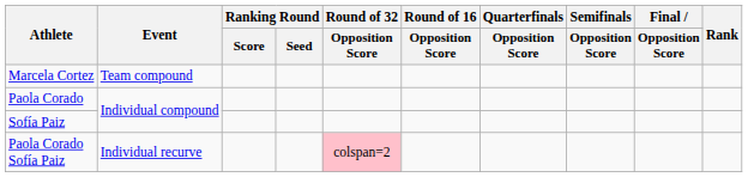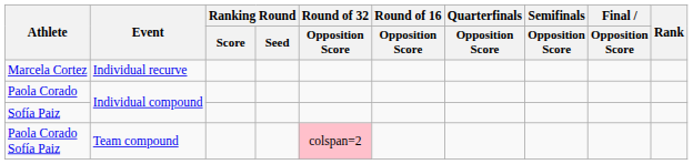 <table class="wikitable" style="font-size:90%">
 <tr>
 <th rowspan="2">Athlete</th>
 <th rowspan="2">Event</th>
 <th colspan="2">Ranking Round</th>
 <th>Round of 32</th>
 <th>Round of 16</th>
 <th>Quarterfinals</th>
 <th>Semifinals</th>
 <th>Final / </th>
 <th rowspan="2">Rank</th>
 </tr>
 <tr style="font-size:95%">
 <th>Score</th>
 <th>Seed</th>
 <th>Opposition<br>Score</th>
 <th>Opposition<br>Score</th>
 <th>Opposition<br>Score</th>
 <th>Opposition<br>Score</th>
 <th>Opposition<br>Score</th>
 </tr>
 <tr align=center>
 <td align=left><a href='#'>Marcela Cortez</a></td>
-<td align=left><a href='#'>Team compound</a></td>
+<td align=left><a href='#'>Individual recurve</a></td>
 <td></td>
 <td></td>
 <td></td>
 <td></td>
 <td></td>
 <td></td>
 <td></td>
 <td></td>
 </tr>
 <tr align=center>
 <td align=left><a href='#'>Paola Corado</a></td>
 <td align=left rowspan=2><a href='#'>Individual compound</a></td>
 <td></td>
 <td></td>
 <td></td>
 <td></td>
 <td></td>
 <td></td>
 <td></td>
 <td></td>
 </tr>
 <tr align=center>
 <td align=left><a href='#'>Sofía Paiz</a></td>
 <td></td>
 <td></td>
 <td></td>
 <td></td>
 <td></td>
 <td></td>
 <td></td>
 <td></td>
 </tr>
 <tr align=center>
 <td align=left><a href='#'>Paola Corado</a><br><a href='#'>Sofía Paiz</a></td>
-<td align=left><a href='#'>Individual recurve</a></td>
+<td align=left><a href='#'>Team compound</a></td>
 <td></td>
 <td></td>
 <td style="background: pink;">colspan=2 </td>
 <td></td>
 <td></td>
 <td></td>
 <td></td>
 </tr>
 </table>
